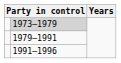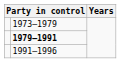 <table class="wikitable">
 <tr>
 <th colspan="2">Party in control</th>
 <th>Years</th>
 </tr>
 <tr>
 <td></td>
-<td style="background: lightgrey;">1973–1979</td>
+<td>1973–1979</td>
 </tr>
 <tr>
 <td></td>
-<td>1979–1991</td>
+<td><strong>1979–1991</strong></td>
 </tr>
 <tr>
 <td></td>
 <td>1991–1996</td>
 </tr>
 </table>
